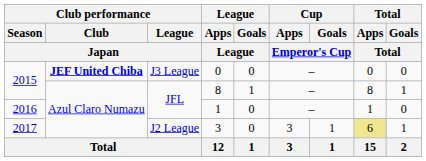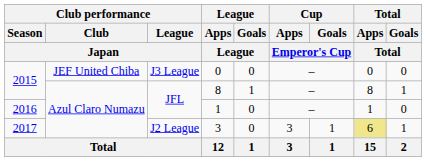 <table class="wikitable" style="text-align:center;">
 <tr>
 <th colspan=3>Club performance</th>
 <th colspan=2>League</th>
 <th colspan=2>Cup</th>
 <th colspan=2>Total</th>
 </tr>
 <tr>
 <th>Season</th>
 <th>Club</th>
 <th>League</th>
 <th>Apps</th>
 <th>Goals</th>
 <th>Apps</th>
 <th>Goals</th>
 <th>Apps</th>
 <th>Goals</th>
 </tr>
 <tr>
 <th colspan=3>Japan</th>
 <th colspan=2>League</th>
 <th colspan=2><a href='#'>Emperor's Cup</a></th>
 <th colspan=2>Total</th>
 </tr>
 <tr>
 <td rowspan="2"><a href='#'>2015</a></td>
-<td><strong><a href='#'>JEF United Chiba</a></strong></td>
+<td><a href='#'>JEF United Chiba</a></td>
 <td rowspan="1"><a href='#'>J3 League</a></td>
 <td>0</td>
 <td>0</td>
 <td colspan="2">–</td>
 <td>0</td>
 <td>0</td>
 </tr>
 <tr>
 <td rowspan="3"><a href='#'>Azul Claro Numazu</a></td>
 <td rowspan="2"><a href='#'>JFL</a></td>
 <td>8</td>
 <td>1</td>
 <td colspan="2">–</td>
 <td>8</td>
 <td>1</td>
 </tr>
 <tr>
 <td><a href='#'>2016</a></td>
 <td>1</td>
 <td>0</td>
 <td colspan="2">–</td>
 <td>1</td>
 <td>0</td>
 </tr>
 <tr>
 <td><a href='#'>2017</a></td>
 <td><a href='#'>J2 League</a></td>
 <td>3</td>
 <td>0</td>
 <td>3</td>
 <td>1</td>
 <td style="background: khaki;">6</td>
 <td>1</td>
 </tr>
 <tr>
 <th colspan=3>Total</th>
 <th>12</th>
 <th>1</th>
 <th>3</th>
 <th>1</th>
 <th>15</th>
 <th>2</th>
 </tr>
 </table>
